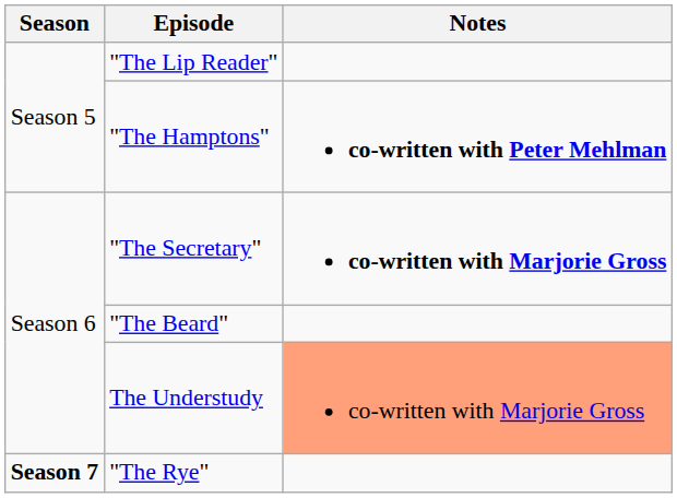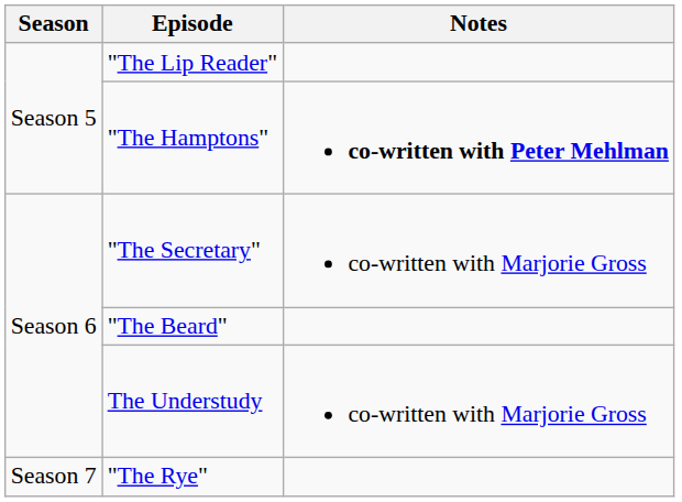 <table class="wikitable">
 <tr>
 <th>Season</th>
 <th>Episode</th>
 <th>Notes</th>
 </tr>
 <tr>
 <td rowspan="2">Season 5</td>
 <td>"<a href='#'>The Lip Reader</a>"</td>
 <td></td>
 </tr>
 <tr>
 <td>"<a href='#'>The Hamptons</a>"</td>
 <td><strong><br><ul><li>co-written with <a href='#'>Peter Mehlman</a></li></ul></strong></td>
 </tr>
 <tr>
 <td rowspan="3">Season 6</td>
 <td>"<a href='#'>The Secretary</a>"</td>
-<td><strong><br><ul><li>co-written with <a href='#'>Marjorie Gross</a></li></ul></strong></td>
+<td><br><ul><li>co-written with <a href='#'>Marjorie Gross</a></li></ul></td>
 </tr>
 <tr>
 <td>"<a href='#'>The Beard</a>"</td>
 <td></td>
 </tr>
 <tr>
 <td><a href='#'>The Understudy</a></td>
-<td style="background: lightsalmon;"><br><ul><li>co-written with <a href='#'>Marjorie Gross</a></li></ul></td>
+<td><br><ul><li>co-written with <a href='#'>Marjorie Gross</a></li></ul></td>
 </tr>
 <tr>
-<td><strong>Season 7</strong></td>
+<td>Season 7</td>
 <td>"<a href='#'>The Rye</a>"</td>
 <td></td>
 </tr>
 </table>
